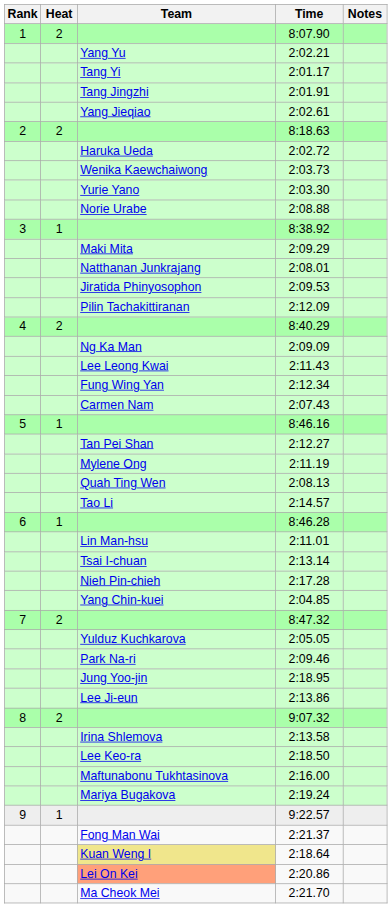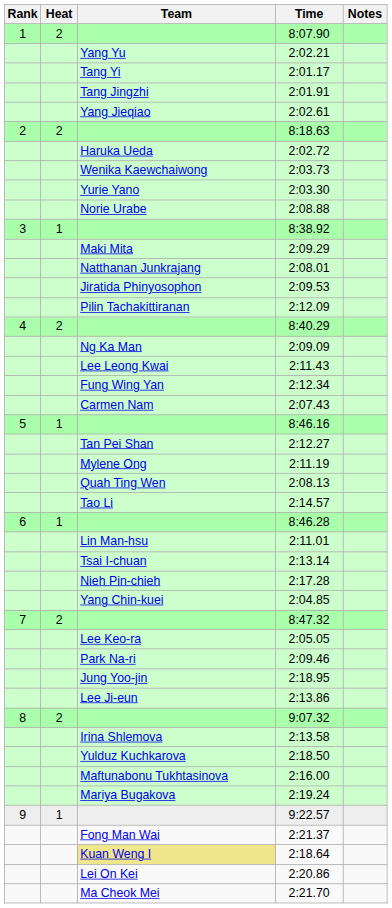 <table class="wikitable" style="text-align:center">
 <tr>
 <th width=40>Rank</th>
 <th width=40>Heat</th>
 <th width=250>Team</th>
 <th width=80>Time</th>
 <th width=50>Notes</th>
 </tr>
 <tr bgcolor="aaffaa">
 <td>1</td>
 <td>2</td>
 <td align=left></td>
 <td>8:07.90</td>
 <td></td>
 </tr>
 <tr bgcolor="ccffcc">
 <td></td>
 <td></td>
 <td align=left><a href='#'>Yang Yu</a></td>
 <td>2:02.21</td>
 <td></td>
 </tr>
 <tr bgcolor="ccffcc">
 <td></td>
 <td></td>
 <td align=left><a href='#'>Tang Yi</a></td>
 <td>2:01.17</td>
 <td></td>
 </tr>
 <tr bgcolor="ccffcc">
 <td></td>
 <td></td>
 <td align=left><a href='#'>Tang Jingzhi</a></td>
 <td>2:01.91</td>
 <td></td>
 </tr>
 <tr bgcolor="ccffcc">
 <td></td>
 <td></td>
 <td align=left><a href='#'>Yang Jieqiao</a></td>
 <td>2:02.61</td>
 <td></td>
 </tr>
 <tr bgcolor="aaffaa">
 <td>2</td>
 <td>2</td>
 <td align=left></td>
 <td>8:18.63</td>
 <td></td>
 </tr>
 <tr bgcolor="ccffcc">
 <td></td>
 <td></td>
 <td align=left><a href='#'>Haruka Ueda</a></td>
 <td>2:02.72</td>
 <td></td>
 </tr>
 <tr bgcolor="ccffcc">
 <td></td>
 <td></td>
 <td align=left><a href='#'>Wenika Kaewchaiwong</a></td>
 <td>2:03.73</td>
 <td></td>
 </tr>
 <tr bgcolor="ccffcc">
 <td></td>
 <td></td>
 <td align=left><a href='#'>Yurie Yano</a></td>
 <td>2:03.30</td>
 <td></td>
 </tr>
 <tr bgcolor="ccffcc">
 <td></td>
 <td></td>
 <td align=left><a href='#'>Norie Urabe</a></td>
 <td>2:08.88</td>
 <td></td>
 </tr>
 <tr bgcolor="aaffaa">
 <td>3</td>
 <td>1</td>
 <td align=left></td>
 <td>8:38.92</td>
 <td></td>
 </tr>
 <tr bgcolor="ccffcc">
 <td></td>
 <td></td>
 <td align=left><a href='#'>Maki Mita</a></td>
 <td>2:09.29</td>
 <td></td>
 </tr>
 <tr bgcolor="ccffcc">
 <td></td>
 <td></td>
 <td align=left><a href='#'>Natthanan Junkrajang</a></td>
 <td>2:08.01</td>
 <td></td>
 </tr>
 <tr bgcolor="ccffcc">
 <td></td>
 <td></td>
 <td align=left><a href='#'>Jiratida Phinyosophon</a></td>
 <td>2:09.53</td>
 <td></td>
 </tr>
 <tr bgcolor="ccffcc">
 <td></td>
 <td></td>
 <td align=left><a href='#'>Pilin Tachakittiranan</a></td>
 <td>2:12.09</td>
 <td></td>
 </tr>
 <tr bgcolor="aaffaa">
 <td>4</td>
 <td>2</td>
 <td align=left></td>
 <td>8:40.29</td>
 <td></td>
 </tr>
 <tr bgcolor="ccffcc">
 <td></td>
 <td></td>
 <td align=left><a href='#'>Ng Ka Man</a></td>
 <td>2:09.09</td>
 <td></td>
 </tr>
 <tr bgcolor="ccffcc">
 <td></td>
 <td></td>
 <td align=left><a href='#'>Lee Leong Kwai</a></td>
 <td>2:11.43</td>
 <td></td>
 </tr>
 <tr bgcolor="ccffcc">
 <td></td>
 <td></td>
 <td align=left><a href='#'>Fung Wing Yan</a></td>
 <td>2:12.34</td>
 <td></td>
 </tr>
 <tr bgcolor="ccffcc">
 <td></td>
 <td></td>
 <td align=left><a href='#'>Carmen Nam</a></td>
 <td>2:07.43</td>
 <td></td>
 </tr>
 <tr bgcolor="aaffaa">
 <td>5</td>
 <td>1</td>
 <td align=left></td>
 <td>8:46.16</td>
 <td></td>
 </tr>
 <tr bgcolor="ccffcc">
 <td></td>
 <td></td>
 <td align=left><a href='#'>Tan Pei Shan</a></td>
 <td>2:12.27</td>
 <td></td>
 </tr>
 <tr bgcolor="ccffcc">
 <td></td>
 <td></td>
 <td align=left><a href='#'>Mylene Ong</a></td>
 <td>2:11.19</td>
 <td></td>
 </tr>
 <tr bgcolor="ccffcc">
 <td></td>
 <td></td>
 <td align=left><a href='#'>Quah Ting Wen</a></td>
 <td>2:08.13</td>
 <td></td>
 </tr>
 <tr bgcolor="ccffcc">
 <td></td>
 <td></td>
 <td align=left><a href='#'>Tao Li</a></td>
 <td>2:14.57</td>
 <td></td>
 </tr>
 <tr bgcolor="aaffaa">
 <td>6</td>
 <td>1</td>
 <td align=left></td>
 <td>8:46.28</td>
 <td></td>
 </tr>
 <tr bgcolor="ccffcc">
 <td></td>
 <td></td>
 <td align=left><a href='#'>Lin Man-hsu</a></td>
 <td>2:11.01</td>
 <td></td>
 </tr>
 <tr bgcolor="ccffcc">
 <td></td>
 <td></td>
 <td align=left><a href='#'>Tsai I-chuan</a></td>
 <td>2:13.14</td>
 <td></td>
 </tr>
 <tr bgcolor="ccffcc">
 <td></td>
 <td></td>
 <td align=left><a href='#'>Nieh Pin-chieh</a></td>
 <td>2:17.28</td>
 <td></td>
 </tr>
 <tr bgcolor="ccffcc">
 <td></td>
 <td></td>
 <td align=left><a href='#'>Yang Chin-kuei</a></td>
 <td>2:04.85</td>
 <td></td>
 </tr>
 <tr bgcolor="aaffaa">
 <td>7</td>
 <td>2</td>
 <td align=left></td>
 <td>8:47.32</td>
 <td></td>
 </tr>
 <tr bgcolor="ccffcc">
 <td></td>
 <td></td>
-<td align=left><a href='#'>Yulduz Kuchkarova</a></td>
+<td align=left><a href='#'>Lee Keo-ra</a></td>
 <td>2:05.05</td>
 <td></td>
 </tr>
 <tr bgcolor="ccffcc">
 <td></td>
 <td></td>
 <td align=left><a href='#'>Park Na-ri</a></td>
 <td>2:09.46</td>
 <td></td>
 </tr>
 <tr bgcolor="ccffcc">
 <td></td>
 <td></td>
 <td align=left><a href='#'>Jung Yoo-jin</a></td>
 <td>2:18.95</td>
 <td></td>
 </tr>
 <tr bgcolor="ccffcc">
 <td></td>
 <td></td>
 <td align=left><a href='#'>Lee Ji-eun</a></td>
 <td>2:13.86</td>
 <td></td>
 </tr>
 <tr bgcolor="aaffaa">
 <td>8</td>
 <td>2</td>
 <td align=left></td>
 <td>9:07.32</td>
 <td></td>
 </tr>
 <tr bgcolor="ccffcc">
 <td></td>
 <td></td>
 <td align=left><a href='#'>Irina Shlemova</a></td>
 <td>2:13.58</td>
 <td></td>
 </tr>
 <tr bgcolor="ccffcc">
 <td></td>
 <td></td>
-<td align=left><a href='#'>Lee Keo-ra</a></td>
+<td align=left><a href='#'>Yulduz Kuchkarova</a></td>
 <td>2:18.50</td>
 <td></td>
 </tr>
 <tr bgcolor="ccffcc">
 <td></td>
 <td></td>
 <td align=left><a href='#'>Maftunabonu Tukhtasinova</a></td>
 <td>2:16.00</td>
 <td></td>
 </tr>
 <tr bgcolor="ccffcc">
 <td></td>
 <td></td>
 <td align=left><a href='#'>Mariya Bugakova</a></td>
 <td>2:19.24</td>
 <td></td>
 </tr>
 <tr bgcolor=eeeeee>
 <td>9</td>
 <td>1</td>
 <td align=left></td>
 <td>9:22.57</td>
 <td></td>
 </tr>
 <tr>
 <td></td>
 <td></td>
 <td align=left><a href='#'>Fong Man Wai</a></td>
 <td>2:21.37</td>
 <td></td>
 </tr>
 <tr>
 <td></td>
 <td></td>
 <td align=left style="background: khaki;"><a href='#'>Kuan Weng I</a></td>
 <td>2:18.64</td>
 <td></td>
 </tr>
 <tr>
 <td></td>
 <td></td>
-<td align=left style="background: lightsalmon;"><a href='#'>Lei On Kei</a></td>
+<td align=left><a href='#'>Lei On Kei</a></td>
 <td>2:20.86</td>
 <td></td>
 </tr>
 <tr>
 <td></td>
 <td></td>
 <td align=left><a href='#'>Ma Cheok Mei</a></td>
 <td>2:21.70</td>
 <td></td>
 </tr>
 </table>
